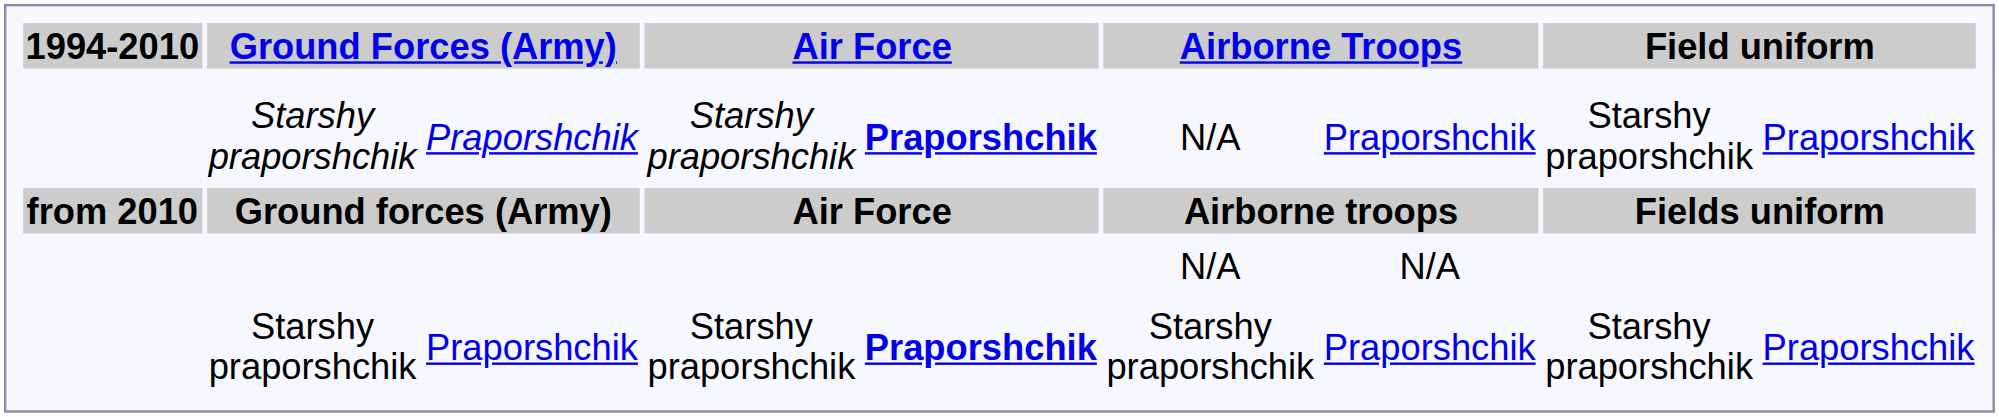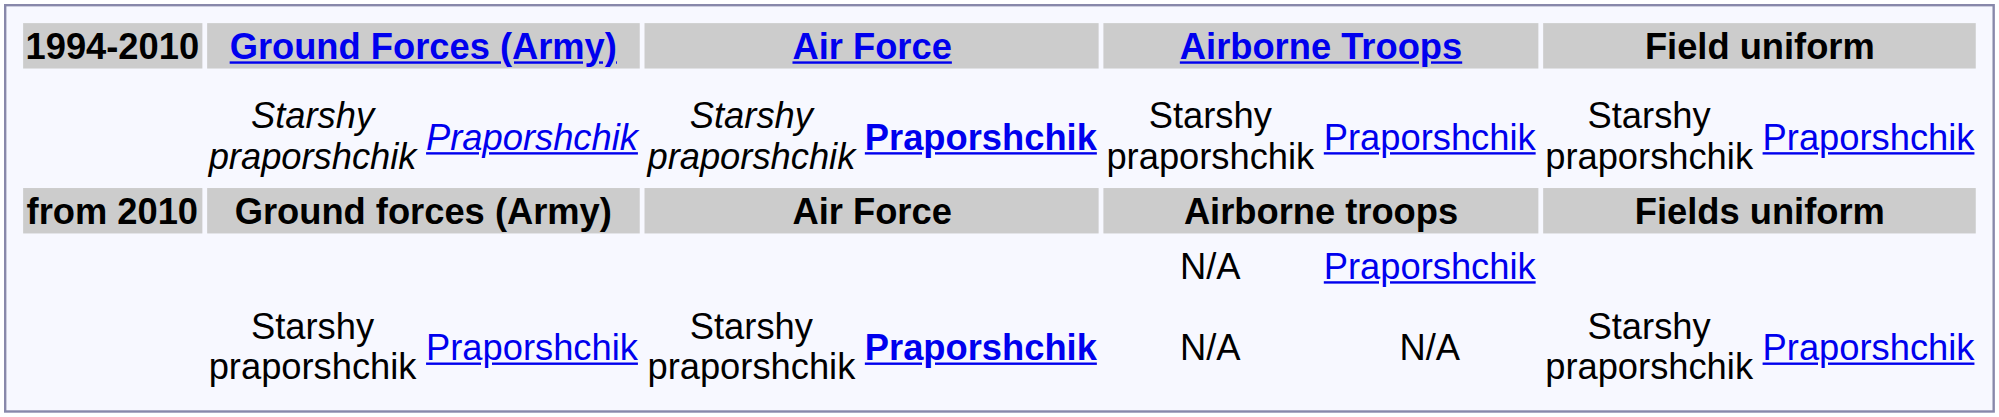 <table style="border:1px solid #8888aa; background-color:#f7f8ff; padding:5px; font-size:95%; margin: 0px 12px 12px 0px;">
 <tr bgcolor="#CCCCCC">
 <th>1994-2010</th>
 <th colspan=2><strong><a href='#'>Ground Forces (Army)</a></strong></th>
 <th colspan=2><strong><a href='#'>Air Force</a></strong></th>
 <th colspan=2><strong><a href='#'>Airborne Troops</a></strong></th>
 <th colspan=2><strong>Field uniform</strong></th>
 </tr>
 <tr style="text-align:center;">
 <td></td>
 <td></td>
 <td></td>
 <td></td>
 <td></td>
 <td></td>
 <td></td>
 <td></td>
 <td></td>
 </tr>
 <tr>
 </tr>
 <tr rowspan="2">
 </tr>
 <tr align="center">
 <td></td>
 <td><em>Starshy<br>praporshchik</em></td>
 <td><em><a href='#'>Praporshchik</a></em></td>
 <td><em>Starshy<br>praporshchik</em></td>
 <td><strong><a href='#'>Praporshchik</a><em></td>
-<td style="vertical-align: middle">N/A</td>
+<td></em>Starshy<br>praporshchik<em></td>
 <td></em><a href='#'>Praporshchik</a><em></td>
 <td></em>Starshy<br>praporshchik<em></td>
 <td></em><a href='#'>Praporshchik</a><em></td>
 </tr>
 <tr>
 </tr>
 <tr bgcolor="#CCCCCC">
 <th>from 2010</th>
 <th colspan=2></strong>Ground forces (Army)<strong></th>
 <th colspan=2></strong>Air Force<strong></th>
 <th colspan=2></strong>Airborne troops<strong></th>
 <th colspan=2></strong>Fields uniform<strong></th>
 </tr>
 <tr rowspan="2">
 </tr>
 <tr align="center">
 <td></td>
 <td></td>
 <td></td>
 <td></td>
 <td></td>
 <td style="vertical-align: middle">N/A</td>
-<td style="vertical-align: middle">N/A</td>
+<td></em><a href='#'>Praporshchik</a><em></td>
 <td></td>
 <td></td>
 </tr>
 <tr>
 </tr>
 <tr rowspan="2">
 </tr>
 <tr align="center">
 <td></td>
 <td></em>Starshy<br>praporshchik<em></td>
 <td></em><a href='#'>Praporshchik</a><em></td>
 <td></em>Starshy<br>praporshchik<em></td>
 <td><strong></em><a href='#'>Praporshchik</a><em></strong></td>
-<td></em>Starshy<br>praporshchik<em></td>
-<td></em><a href='#'>Praporshchik</a><em></td>
+<td style="vertical-align: middle">N/A</td>
+<td style="vertical-align: middle">N/A</td>
 <td></em>Starshy<br>praporshchik<em></td>
 <td></em><a href='#'>Praporshchik</a><em></td>
 </tr>
 <tr>
 </tr>
 </table>
